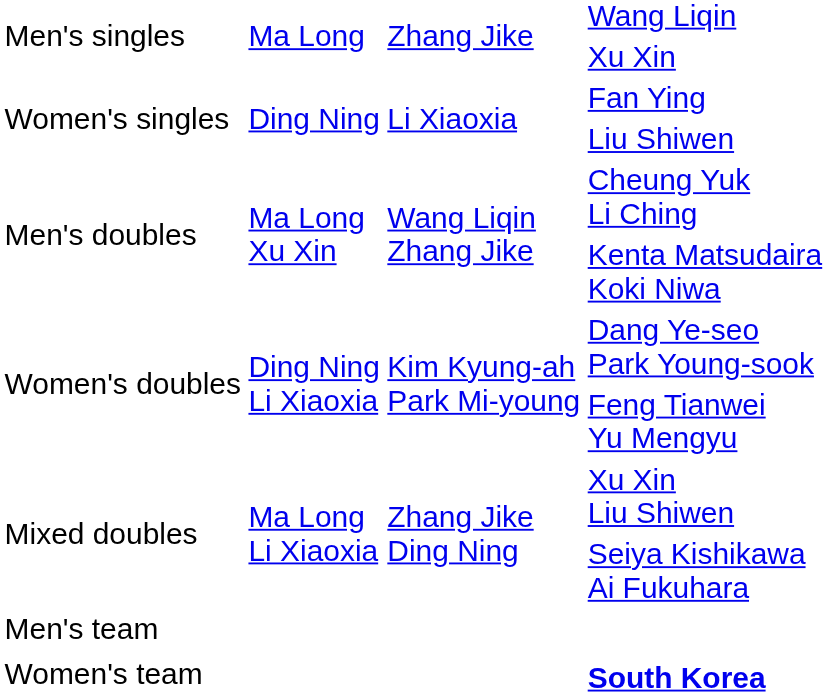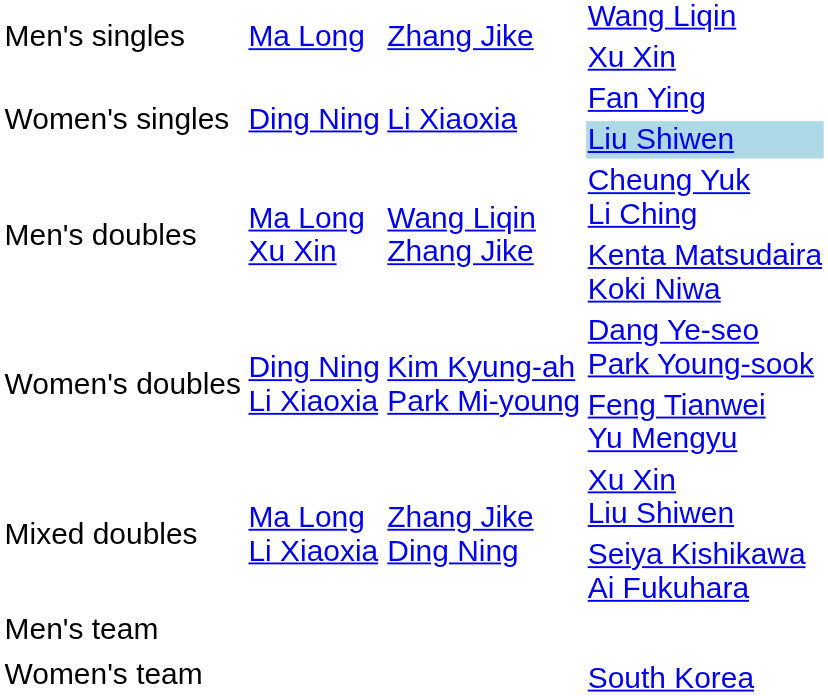 <table>
 <tr>
 <td rowspan=2>Men's singles <br></td>
 <td rowspan=2> <a href='#'>Ma Long</a></td>
 <td rowspan=2> <a href='#'>Zhang Jike</a></td>
 <td> <a href='#'>Wang Liqin</a></td>
 </tr>
 <tr>
 <td> <a href='#'>Xu Xin</a></td>
 </tr>
 <tr>
 <td rowspan=2>Women's singles <br></td>
 <td rowspan=2> <a href='#'>Ding Ning</a></td>
 <td rowspan=2> <a href='#'>Li Xiaoxia</a></td>
 <td> <a href='#'>Fan Ying</a></td>
 </tr>
 <tr>
-<td> <a href='#'>Liu Shiwen</a></td>
+<td style="background: lightblue;"> <a href='#'>Liu Shiwen</a></td>
 </tr>
 <tr>
 <td rowspan=2>Men's doubles <br></td>
 <td rowspan=2> <a href='#'>Ma Long</a><br> <a href='#'>Xu Xin</a></td>
 <td rowspan=2> <a href='#'>Wang Liqin</a><br> <a href='#'>Zhang Jike</a></td>
 <td> <a href='#'>Cheung Yuk</a><br> <a href='#'>Li Ching</a></td>
 </tr>
 <tr>
 <td> <a href='#'>Kenta Matsudaira</a><br> <a href='#'>Koki Niwa</a></td>
 </tr>
 <tr>
 <td rowspan=2>Women's doubles <br></td>
 <td rowspan=2> <a href='#'>Ding Ning</a><br> <a href='#'>Li Xiaoxia</a></td>
 <td rowspan=2> <a href='#'>Kim Kyung-ah</a><br> <a href='#'>Park Mi-young</a></td>
 <td> <a href='#'>Dang Ye-seo</a><br>  <a href='#'>Park Young-sook</a></td>
 </tr>
 <tr>
 <td> <a href='#'>Feng Tianwei</a><br> <a href='#'>Yu Mengyu</a></td>
 </tr>
 <tr>
 <td rowspan=2>Mixed doubles <br></td>
 <td rowspan=2> <a href='#'>Ma Long</a><br> <a href='#'>Li Xiaoxia</a></td>
 <td rowspan=2> <a href='#'>Zhang Jike</a><br> <a href='#'>Ding Ning</a></td>
 <td> <a href='#'>Xu Xin</a><br> <a href='#'>Liu Shiwen</a></td>
 </tr>
 <tr>
 <td> <a href='#'>Seiya Kishikawa</a><br> <a href='#'>Ai Fukuhara</a></td>
 </tr>
 <tr>
 <td rowspan=2>Men's team <br></td>
 <td rowspan=2></td>
 <td rowspan=2></td>
 <td></td>
 </tr>
 <tr>
 <td></td>
 </tr>
 <tr>
 <td rowspan=2>Women's team <br></td>
 <td rowspan=2></td>
 <td rowspan=2></td>
 <td></td>
 </tr>
 <tr>
-<td><strong> <a href='#'>South Korea</a></strong></td>
+<td> <a href='#'>South Korea</a></td>
 </tr>
 </table>
